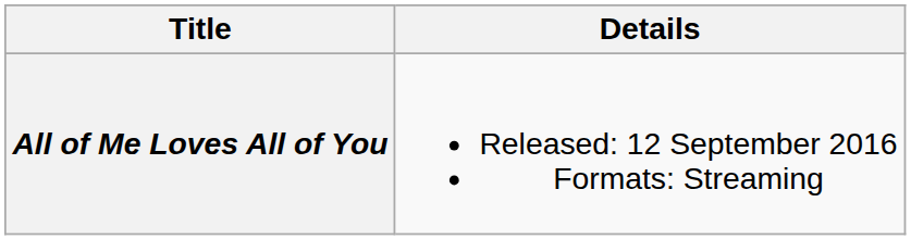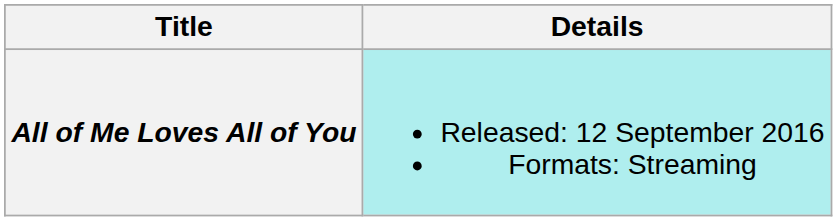 <table class="wikitable plainrowheaders" style="text-align:center;" border="1">
 <tr>
 <th scope="col">Title</th>
 <th scope="col">Details</th>
 </tr>
 <tr>
 <th scope="row"><em>All of Me Loves All of You</em></th>
-<td><br><ul><li>Released: 12 September 2016</li><li>Formats: Streaming</li></ul></td>
+<td style="background: paleturquoise;"><br><ul><li>Released: 12 September 2016</li><li>Formats: Streaming</li></ul></td>
 </tr>
 </table>
